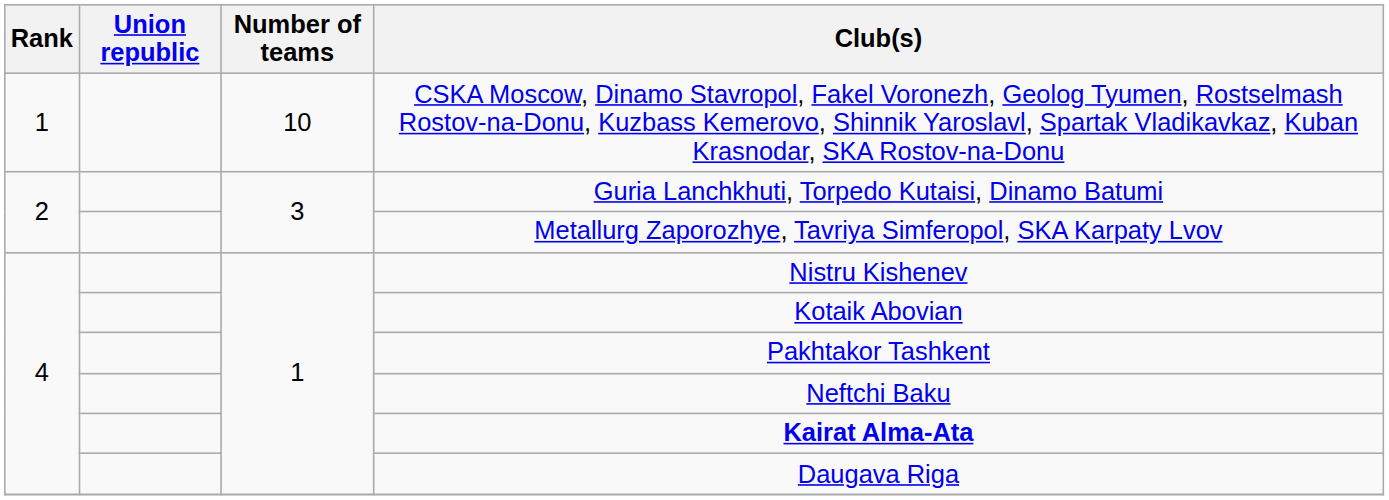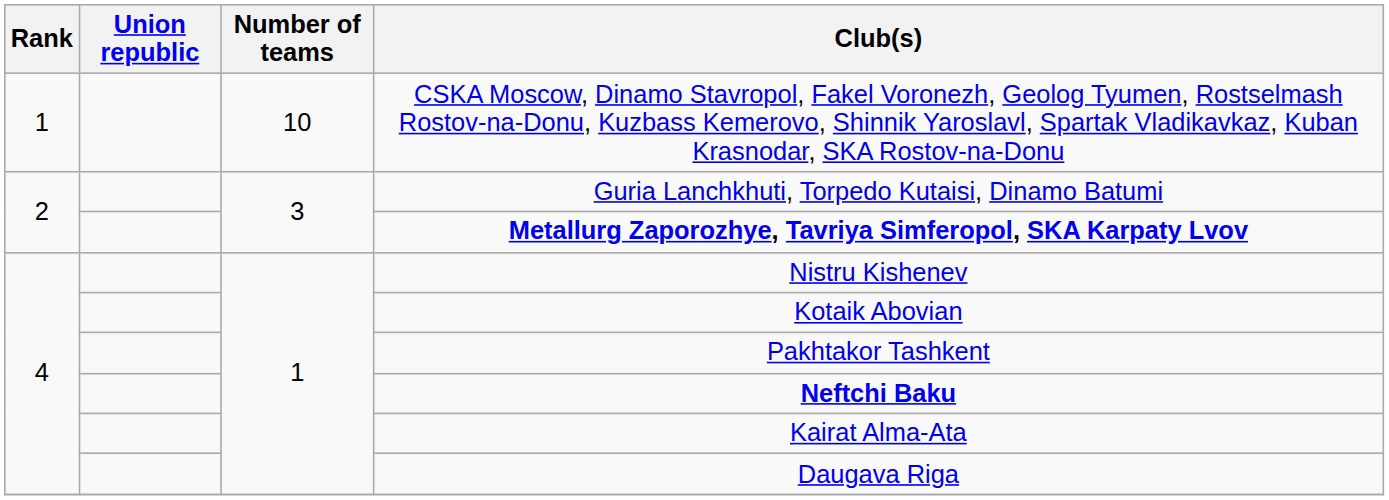 <table class="wikitable">
 <tr>
 <th>Rank</th>
 <th><a href='#'>Union republic</a></th>
 <th>Number of teams</th>
 <th>Club(s)</th>
 </tr>
 <tr>
 <td align="center">1</td>
 <td></td>
 <td align="center">10</td>
 <td align="center"><a href='#'>CSKA Moscow</a>, <a href='#'>Dinamo Stavropol</a>, <a href='#'>Fakel Voronezh</a>, <a href='#'>Geolog Tyumen</a>, <a href='#'>Rostselmash Rostov-na-Donu</a>, <a href='#'>Kuzbass Kemerovo</a>, <a href='#'>Shinnik Yaroslavl</a>, <a href='#'>Spartak Vladikavkaz</a>, <a href='#'>Kuban Krasnodar</a>, <a href='#'>SKA Rostov-na-Donu</a></td>
 </tr>
 <tr>
 <td align="center" rowspan=2>2</td>
 <td></td>
 <td align="center" rowspan=2>3</td>
 <td align="center"><a href='#'>Guria Lanchkhuti</a>, <a href='#'>Torpedo Kutaisi</a>, <a href='#'>Dinamo Batumi</a></td>
 </tr>
 <tr>
 <td></td>
-<td align="center"><a href='#'>Metallurg Zaporozhye</a>, <a href='#'>Tavriya Simferopol</a>, <a href='#'>SKA Karpaty Lvov</a></td>
+<td align="center"><strong><a href='#'>Metallurg Zaporozhye</a>, <a href='#'>Tavriya Simferopol</a>, <a href='#'>SKA Karpaty Lvov</a></strong></td>
 </tr>
 <tr>
 <td align="center" rowspan=6>4</td>
 <td></td>
 <td align="center" rowspan=6>1</td>
 <td align="center"><a href='#'>Nistru Kishenev</a></td>
 </tr>
 <tr>
 <td></td>
 <td align="center"><a href='#'>Kotaik Abovian</a></td>
 </tr>
 <tr>
 <td></td>
 <td align="center"><a href='#'>Pakhtakor Tashkent</a></td>
 </tr>
 <tr>
 <td></td>
-<td align="center"><a href='#'>Neftchi Baku</a></td>
+<td align="center"><strong><a href='#'>Neftchi Baku</a></strong></td>
 </tr>
 <tr>
 <td></td>
-<td align="center"><strong><a href='#'>Kairat Alma-Ata</a></strong></td>
+<td align="center"><a href='#'>Kairat Alma-Ata</a></td>
 </tr>
 <tr>
 <td></td>
 <td align="center"><a href='#'>Daugava Riga</a></td>
 </tr>
 <tr>
 </tr>
 </table>
